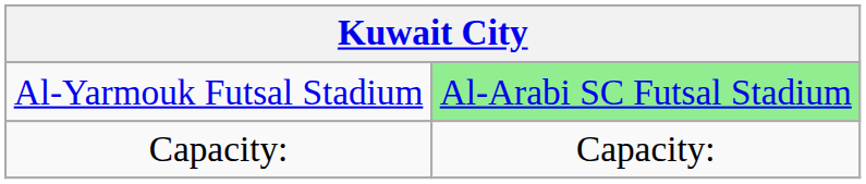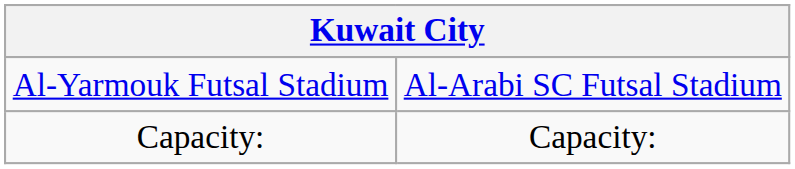 <table class="wikitable" style="text-align:center;">
 <tr>
 <th Colspan=2><a href='#'>Kuwait City</a></th>
 </tr>
 <tr>
 <td><a href='#'>Al-Yarmouk Futsal Stadium</a></td>
-<td style="background: lightgreen;"><a href='#'>Al-Arabi SC Futsal Stadium</a></td>
+<td><a href='#'>Al-Arabi SC Futsal Stadium</a></td>
 </tr>
 <tr>
 <td>Capacity:</td>
 <td>Capacity:</td>
 </tr>
 </table>
